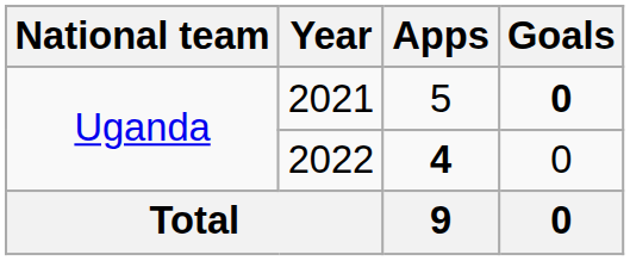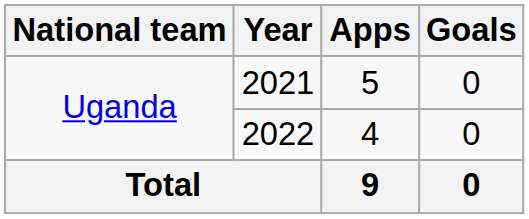 <table class=wikitable style="text-align: center">
 <tr>
 <th>National team</th>
 <th>Year</th>
 <th>Apps</th>
 <th>Goals</th>
 </tr>
 <tr>
 <td rowspan="2"><a href='#'>Uganda</a></td>
 <td>2021</td>
 <td>5</td>
-<td><strong>0</strong></td>
+<td>0</td>
 </tr>
 <tr>
 <td>2022</td>
-<td><strong>4</strong></td>
+<td>4</td>
 <td>0</td>
 </tr>
 <tr>
 <th colspan="2">Total</th>
 <th>9</th>
 <th>0</th>
 </tr>
 </table>
